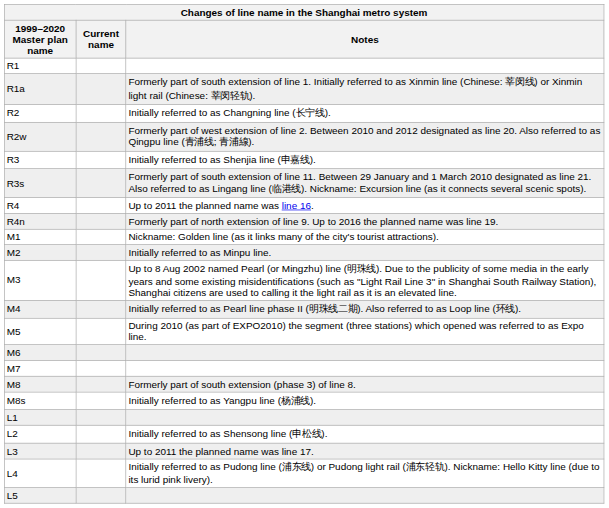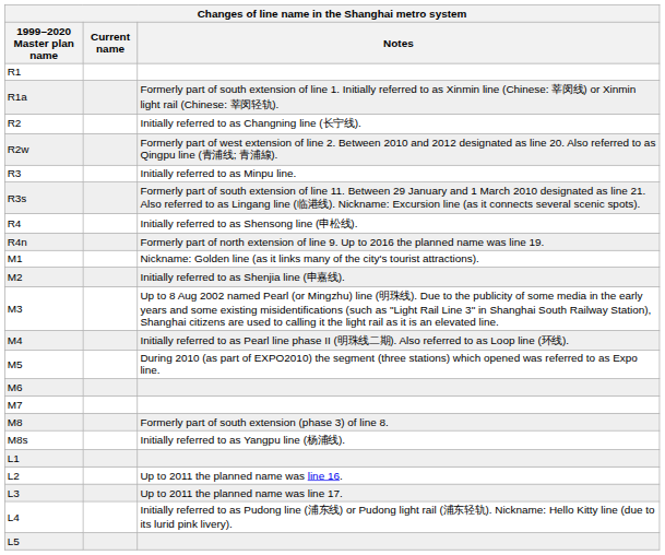 <table border=0 style="border:1px solid #999;background-color:white;text-align:left;font-size:90%" class="wikitable sortable mw-collapsible">
 <tr>
 <th colspan="9" style="text-align: center" bgcolor=#cccccc>Changes of line name in the Shanghai metro system</th>
 </tr>
 <tr bgcolor=#cccccc>
 <th>1999–2020 Master plan name</th>
 <th>Current name</th>
 <th class=unsortable>Notes</th>
 </tr>
 <tr>
 <td>R1</td>
 <td></td>
 <td></td>
 </tr>
 <tr bgcolor=#EFEFEF>
 <td>R1a</td>
 <td></td>
 <td>Formerly part of south extension of line 1. Initially referred to as Xinmin line (Chinese: 莘闵线) or Xinmin light rail (Chinese: 莘闵轻轨).</td>
 </tr>
 <tr>
 <td>R2</td>
 <td></td>
 <td>Initially referred to as Changning line (长宁线).</td>
 </tr>
 <tr bgcolor=#EFEFEF>
 <td>R2w</td>
 <td></td>
 <td>Formerly part of west extension of line 2. Between 2010 and 2012 designated as line 20. Also referred to as Qingpu line (青浦线; 青浦線).</td>
 </tr>
 <tr>
 <td>R3</td>
 <td></td>
-<td>Initially referred to as Shenjia line (申嘉线).</td>
+<td>Initially referred to as Minpu line.</td>
 </tr>
 <tr bgcolor=#EFEFEF>
 <td>R3s</td>
 <td></td>
 <td>Formerly part of south extension of line 11. Between 29 January and 1 March 2010 designated as line 21. Also referred to as Lingang line (临港线). Nickname: Excursion line (as it connects several scenic spots).</td>
 </tr>
 <tr>
 <td>R4</td>
 <td></td>
-<td>Up to 2011 the planned name was <a href='#'>line 16</a>.</td>
+<td>Initially referred to as Shensong line (申松线).</td>
 </tr>
 <tr bgcolor=#EFEFEF>
 <td>R4n</td>
 <td></td>
 <td>Formerly part of north extension of line 9. Up to 2016 the planned name was line 19.</td>
 </tr>
 <tr>
 <td>M1</td>
 <td></td>
 <td>Nickname: Golden line (as it links many of the city's tourist attractions).</td>
 </tr>
 <tr bgcolor=#EFEFEF>
 <td>M2</td>
 <td></td>
-<td>Initially referred to as Minpu line.</td>
+<td>Initially referred to as Shenjia line (申嘉线).</td>
 </tr>
 <tr>
 <td>M3</td>
 <td></td>
 <td>Up to 8 Aug 2002 named Pearl (or Mingzhu) line (明珠线). Due to the publicity of some media in the early years and some existing misidentifications (such as "Light Rail Line 3" in Shanghai South Railway Station), Shanghai citizens are used to calling it the light rail as it is an elevated line.</td>
 </tr>
 <tr bgcolor=#EFEFEF>
 <td>M4</td>
 <td></td>
 <td>Initially referred to as Pearl line phase II (明珠线二期). Also referred to as Loop line (环线).</td>
 </tr>
 <tr>
 <td>M5</td>
 <td></td>
 <td>During 2010 (as part of EXPO2010) the segment (three stations) which opened was referred to as Expo line.</td>
 </tr>
 <tr bgcolor=#EFEFEF>
 <td>M6</td>
 <td></td>
 <td></td>
 </tr>
 <tr>
 <td>M7</td>
 <td></td>
 <td></td>
 </tr>
 <tr bgcolor=#EFEFEF>
 <td>M8</td>
 <td></td>
 <td>Formerly part of south extension (phase 3) of line 8.</td>
 </tr>
 <tr>
 <td>M8s</td>
 <td></td>
 <td>Initially referred to as Yangpu line (杨浦线).</td>
 </tr>
 <tr bgcolor=#EFEFEF>
 <td>L1</td>
 <td></td>
 <td></td>
 </tr>
 <tr>
 <td>L2</td>
 <td></td>
-<td>Initially referred to as Shensong line (申松线).</td>
+<td>Up to 2011 the planned name was <a href='#'>line 16</a>.</td>
 </tr>
 <tr bgcolor=#EFEFEF>
 <td>L3</td>
 <td></td>
 <td>Up to 2011 the planned name was line 17.</td>
 </tr>
 <tr>
 <td>L4</td>
 <td></td>
 <td>Initially referred to as Pudong line (浦东线) or Pudong light rail (浦东轻轨). Nickname: Hello Kitty line (due to its lurid pink livery).</td>
 </tr>
 <tr bgcolor=#EFEFEF>
 <td>L5</td>
 <td></td>
 <td></td>
 </tr>
 </table>
